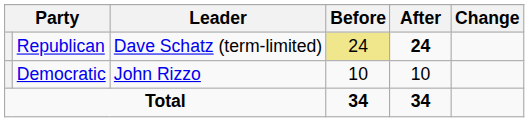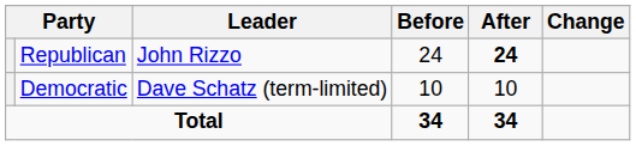 <table class="wikitable" style="text-align:center;">
 <tr>
 </tr>
 <tr>
 <th colspan=2>Party</th>
 <th>Leader</th>
 <th style="width:3em">Before</th>
 <th style="width:3em">After</th>
 <th style="width:3em">Change</th>
 </tr>
 <tr>
 <th style="background-color:"></th>
 <td style="text-align:left;"><a href='#'>Republican</a></td>
-<td style="text-align:left;"><a href='#'>Dave Schatz</a> (term-limited)</td>
-<td style="background: khaki;">24</td>
+<td style="text-align:left;"><a href='#'>John Rizzo</a></td>
+<td>24</td>
 <td><strong>24</strong></td>
 <td></td>
 </tr>
 <tr>
 <th style="background-color:"></th>
 <td style="text-align:left;"><a href='#'>Democratic</a></td>
-<td style="text-align:left;"><a href='#'>John Rizzo</a></td>
+<td style="text-align:left;"><a href='#'>Dave Schatz</a> (term-limited)</td>
 <td>10</td>
 <td>10</td>
 <td></td>
 </tr>
 <tr>
 <td colspan=3><strong>Total</strong></td>
 <td><strong>34</strong></td>
 <td><strong>34</strong></td>
 <td></td>
 </tr>
 </table>
